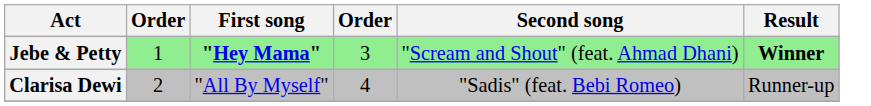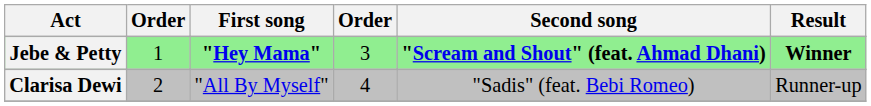 <table class="wikitable plainrowheaders" style="text-align:center;">
 <tr>
 <th scope="col">Act</th>
 <th scope="col">Order</th>
 <th scope="col">First song</th>
 <th scope="col">Order</th>
 <th scope="col">Second song</th>
 <th scope="col">Result</th>
 </tr>
 <tr>
 </tr>
 <tr style="background:lightgreen" ;>
 <th scope="row">Jebe & Petty</th>
 <td>1</td>
 <td><strong>"<a href='#'>Hey Mama</a>"</strong></td>
 <td>3</td>
-<td>"<a href='#'>Scream and Shout</a>" (feat. <a href='#'>Ahmad Dhani</a>)</td>
+<td><strong>"<a href='#'>Scream and Shout</a>" (feat. <a href='#'>Ahmad Dhani</a>)</strong></td>
 <td><strong>Winner</strong></td>
 </tr>
 <tr>
 </tr>
 <tr style="background:silver" ;>
 <th scope="row">Clarisa Dewi</th>
 <td>2</td>
 <td>"<a href='#'>All By Myself</a>"</td>
 <td>4</td>
 <td>"Sadis" (feat. <a href='#'>Bebi Romeo</a>)</td>
 <td>Runner-up</td>
 </tr>
 <tr>
 </tr>
 </table>
